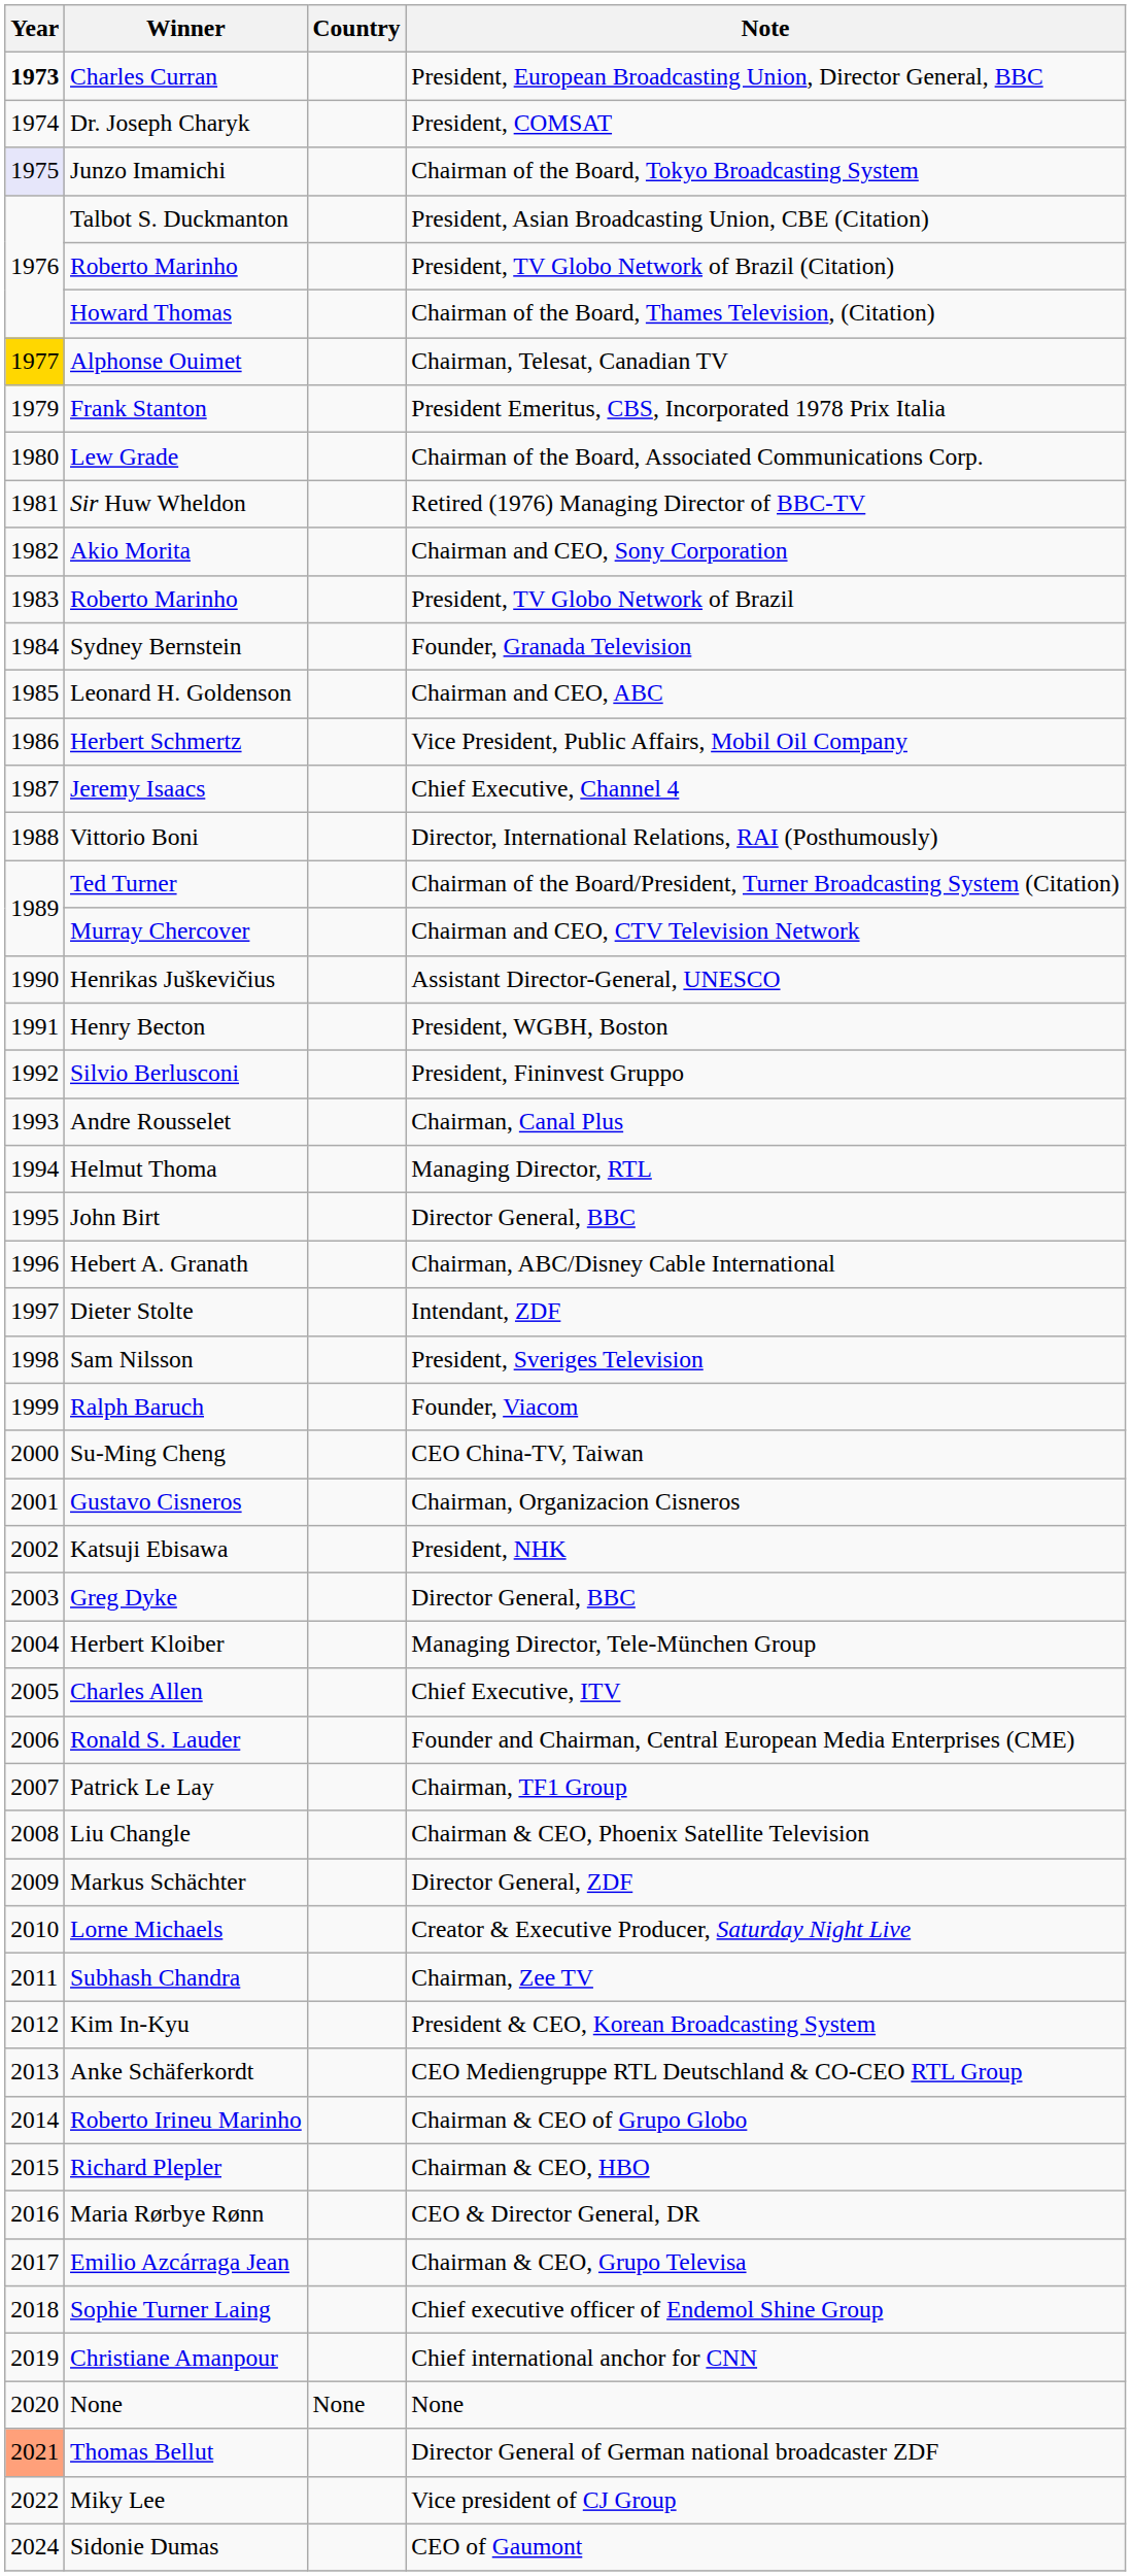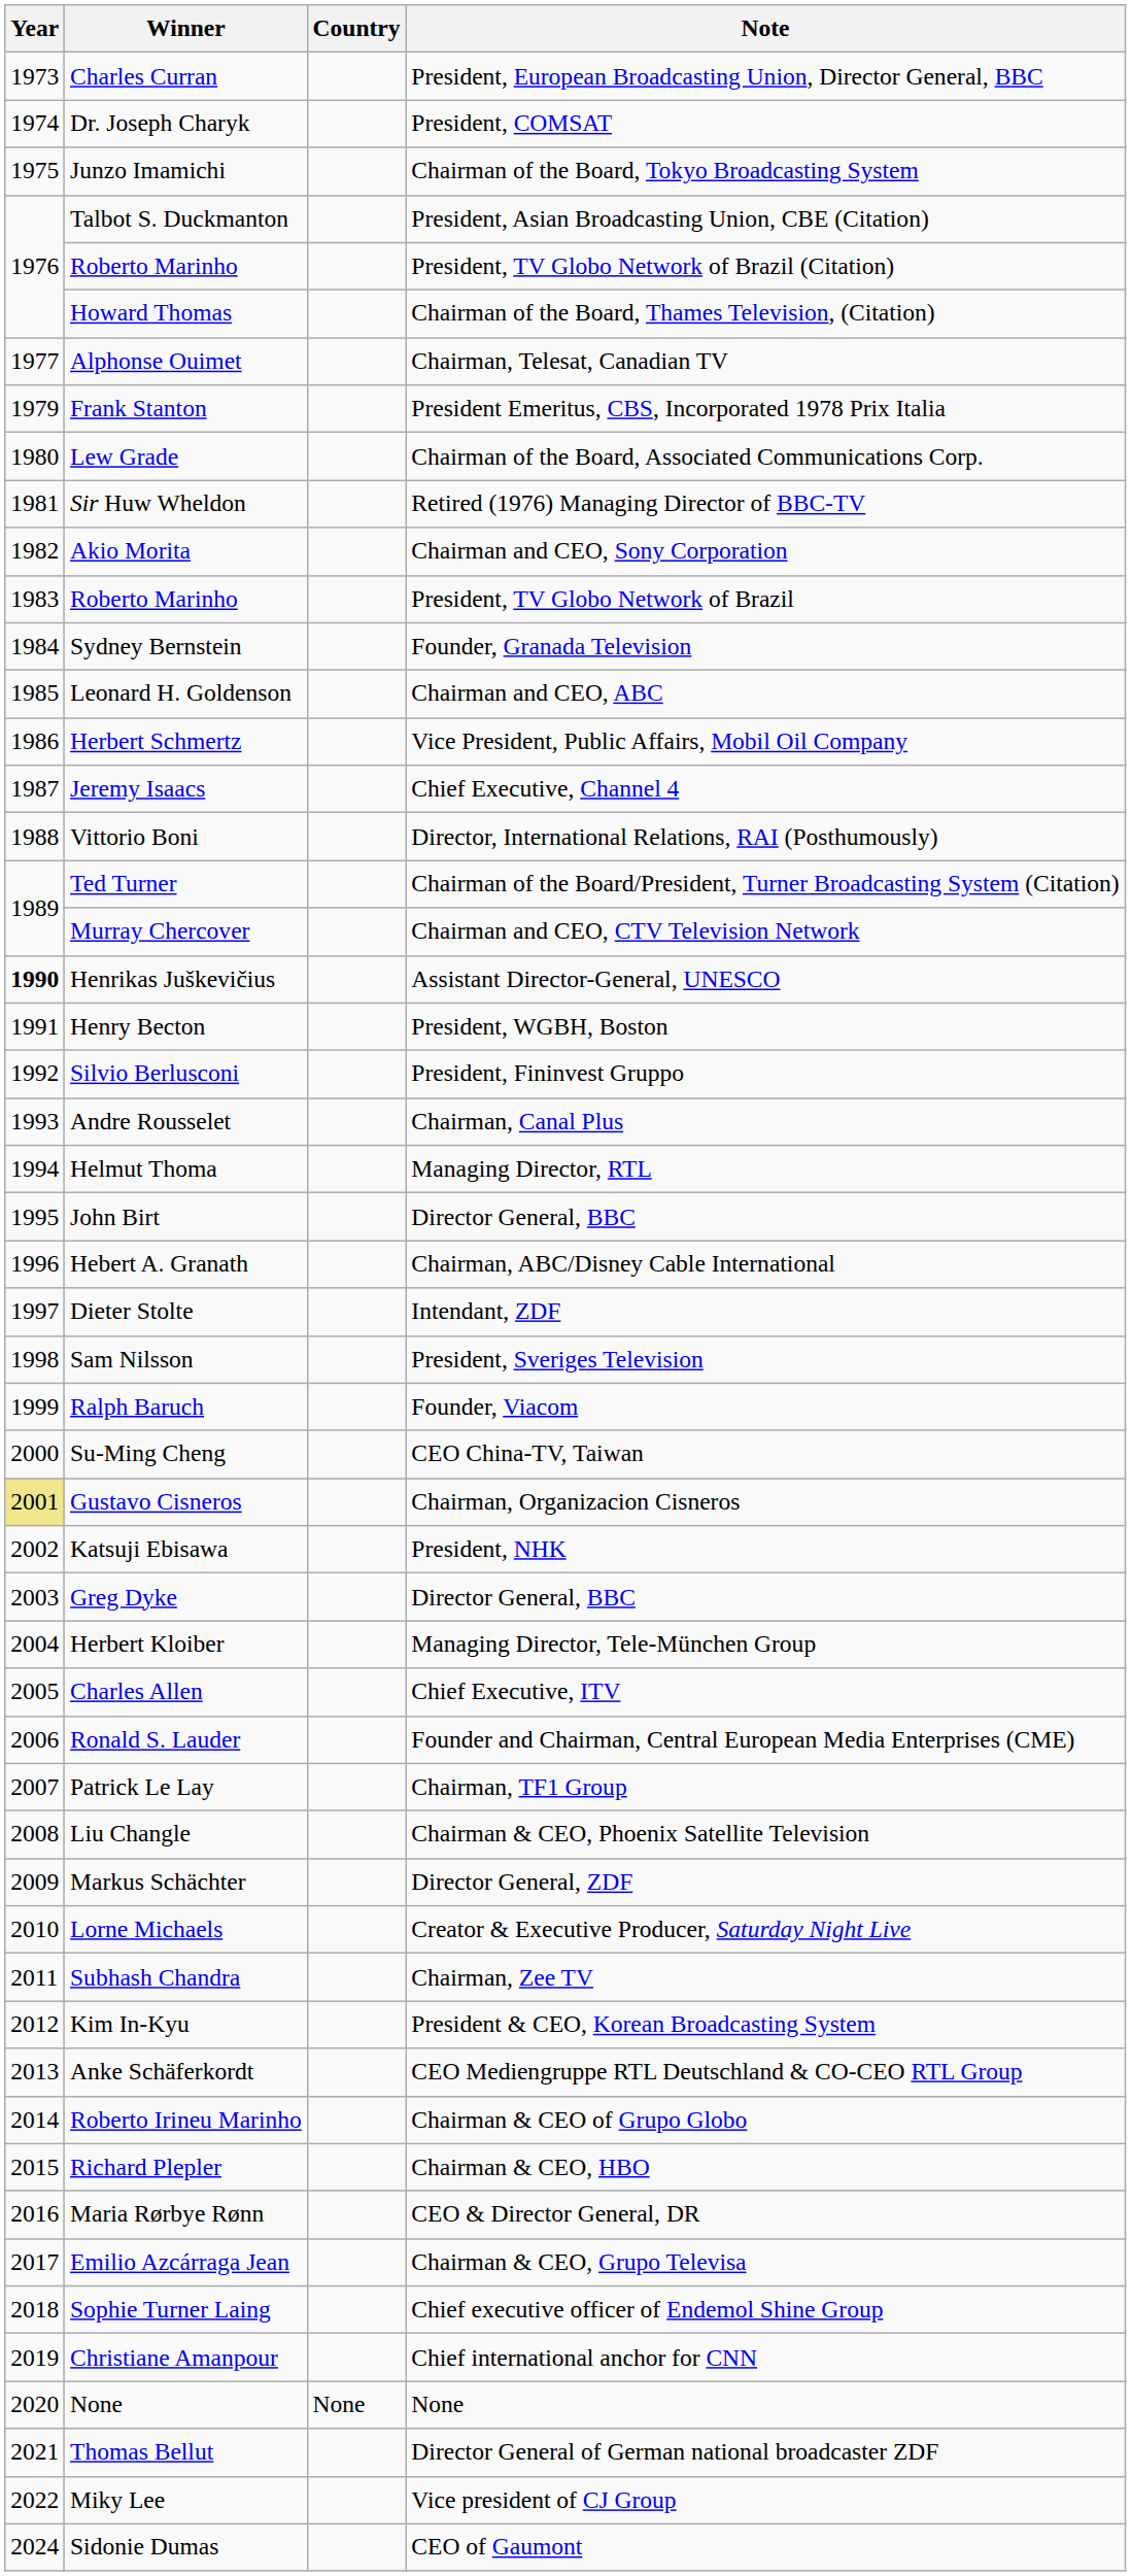 <table class="wikitable" style="font-size:1.00em; line-height:1.5em;">
 <tr>
 <th>Year</th>
 <th>Winner</th>
 <th>Country</th>
 <th>Note</th>
 </tr>
 <tr>
-<td><strong>1973</strong></td>
+<td>1973</td>
 <td><a href='#'>Charles Curran</a></td>
 <td></td>
 <td>President, <a href='#'>European Broadcasting Union</a>, Director General, <a href='#'>BBC</a></td>
 </tr>
 <tr>
 <td>1974</td>
 <td>Dr. Joseph Charyk</td>
 <td></td>
 <td>President, <a href='#'>COMSAT</a></td>
 </tr>
 <tr>
-<td style="background: lavender;">1975</td>
+<td>1975</td>
 <td>Junzo Imamichi</td>
 <td></td>
 <td>Chairman of the Board, <a href='#'>Tokyo Broadcasting System</a></td>
 </tr>
 <tr>
 <td rowspan="3">1976</td>
 <td>Talbot S. Duckmanton</td>
 <td></td>
 <td>President, Asian Broadcasting Union, CBE (Citation)</td>
 </tr>
 <tr>
 <td><a href='#'>Roberto Marinho</a></td>
 <td></td>
 <td>President, <a href='#'>TV Globo Network</a> of Brazil (Citation)</td>
 </tr>
 <tr>
 <td><a href='#'>Howard Thomas</a></td>
 <td></td>
 <td>Chairman of the Board, <a href='#'>Thames Television</a>, (Citation)</td>
 </tr>
 <tr>
-<td style="background: gold;">1977</td>
+<td>1977</td>
 <td><a href='#'>Alphonse Ouimet</a></td>
 <td></td>
 <td>Chairman, Telesat, Canadian TV</td>
 </tr>
 <tr>
 <td>1979</td>
 <td><a href='#'>Frank Stanton</a></td>
 <td></td>
 <td>President Emeritus, <a href='#'>CBS</a>, Incorporated 1978 Prix Italia</td>
 </tr>
 <tr>
 <td>1980</td>
 <td><a href='#'>Lew Grade</a></td>
 <td></td>
 <td>Chairman of the Board, Associated Communications Corp.</td>
 </tr>
 <tr>
 <td>1981</td>
 <td><em>Sir</em> Huw Wheldon</td>
 <td></td>
 <td>Retired (1976) Managing Director of <a href='#'>BBC-TV</a></td>
 </tr>
 <tr>
 <td>1982</td>
 <td><a href='#'>Akio Morita</a></td>
 <td></td>
 <td>Chairman and CEO, <a href='#'>Sony Corporation</a></td>
 </tr>
 <tr>
 <td>1983</td>
 <td><a href='#'>Roberto Marinho</a></td>
 <td></td>
 <td>President, <a href='#'>TV Globo Network</a> of Brazil</td>
 </tr>
 <tr>
 <td>1984</td>
 <td>Sydney Bernstein</td>
 <td></td>
 <td>Founder, <a href='#'>Granada Television</a></td>
 </tr>
 <tr>
 <td>1985</td>
 <td>Leonard H. Goldenson</td>
 <td></td>
 <td>Chairman and CEO, <a href='#'>ABC</a></td>
 </tr>
 <tr>
 <td>1986</td>
 <td><a href='#'>Herbert Schmertz</a></td>
 <td></td>
 <td>Vice President, Public Affairs, <a href='#'>Mobil Oil Company</a></td>
 </tr>
 <tr>
 <td>1987</td>
 <td><a href='#'>Jeremy Isaacs</a></td>
 <td></td>
 <td>Chief Executive, <a href='#'>Channel 4</a></td>
 </tr>
 <tr>
 <td>1988</td>
 <td>Vittorio Boni</td>
 <td></td>
 <td>Director, International Relations, <a href='#'>RAI</a> (Posthumously)</td>
 </tr>
 <tr>
 <td rowspan="2">1989</td>
 <td><a href='#'>Ted Turner</a></td>
 <td></td>
 <td>Chairman of the Board/President, <a href='#'>Turner Broadcasting System</a> (Citation)</td>
 </tr>
 <tr>
 <td><a href='#'>Murray Chercover</a></td>
 <td></td>
 <td>Chairman and CEO, <a href='#'>CTV Television Network</a></td>
 </tr>
 <tr>
-<td>1990</td>
+<td><strong>1990</strong></td>
 <td>Henrikas Juškevičius</td>
 <td></td>
 <td>Assistant Director-General, <a href='#'>UNESCO</a></td>
 </tr>
 <tr>
 <td>1991</td>
 <td>Henry Becton</td>
 <td></td>
 <td>President, WGBH, Boston</td>
 </tr>
 <tr>
 <td>1992</td>
 <td><a href='#'>Silvio Berlusconi</a></td>
 <td></td>
 <td>President, Fininvest Gruppo</td>
 </tr>
 <tr>
 <td>1993</td>
 <td>Andre Rousselet</td>
 <td></td>
 <td>Chairman, <a href='#'>Canal Plus</a></td>
 </tr>
 <tr>
 <td>1994</td>
 <td>Helmut Thoma</td>
 <td></td>
 <td>Managing Director, <a href='#'>RTL</a></td>
 </tr>
 <tr>
 <td>1995</td>
 <td>John Birt</td>
 <td></td>
 <td>Director General, <a href='#'>BBC</a></td>
 </tr>
 <tr>
 <td>1996</td>
 <td>Hebert A. Granath</td>
 <td></td>
 <td>Chairman, ABC/Disney Cable International</td>
 </tr>
 <tr>
 <td>1997</td>
 <td>Dieter Stolte</td>
 <td></td>
 <td>Intendant, <a href='#'>ZDF</a></td>
 </tr>
 <tr>
 <td>1998</td>
 <td>Sam Nilsson</td>
 <td></td>
 <td>President, <a href='#'>Sveriges Television</a></td>
 </tr>
 <tr>
 <td>1999</td>
 <td><a href='#'>Ralph Baruch</a></td>
 <td></td>
 <td>Founder, <a href='#'>Viacom</a></td>
 </tr>
 <tr>
 <td>2000</td>
 <td>Su-Ming Cheng</td>
 <td></td>
 <td>CEO China-TV, Taiwan</td>
 </tr>
 <tr>
-<td>2001</td>
+<td style="background: khaki;">2001</td>
 <td><a href='#'>Gustavo Cisneros</a></td>
 <td></td>
 <td>Chairman, Organizacion Cisneros</td>
 </tr>
 <tr>
 <td>2002</td>
 <td>Katsuji Ebisawa</td>
 <td></td>
 <td>President, <a href='#'>NHK</a></td>
 </tr>
 <tr>
 <td>2003</td>
 <td><a href='#'>Greg Dyke</a></td>
 <td></td>
 <td>Director General, <a href='#'>BBC</a></td>
 </tr>
 <tr>
 <td>2004</td>
 <td>Herbert Kloiber</td>
 <td></td>
 <td>Managing Director, Tele-München Group</td>
 </tr>
 <tr>
 <td>2005</td>
 <td><a href='#'>Charles Allen</a></td>
 <td></td>
 <td>Chief Executive, <a href='#'>ITV</a></td>
 </tr>
 <tr>
 <td>2006</td>
 <td><a href='#'>Ronald S. Lauder</a></td>
 <td></td>
 <td>Founder and Chairman, Central European Media Enterprises (CME)</td>
 </tr>
 <tr>
 <td>2007</td>
 <td>Patrick Le Lay</td>
 <td></td>
 <td>Chairman, <a href='#'>TF1 Group</a></td>
 </tr>
 <tr>
 <td>2008</td>
 <td>Liu Changle</td>
 <td></td>
 <td>Chairman & CEO, Phoenix Satellite Television</td>
 </tr>
 <tr>
 <td>2009</td>
 <td>Markus Schächter</td>
 <td></td>
 <td>Director General, <a href='#'>ZDF</a></td>
 </tr>
 <tr>
 <td>2010</td>
 <td><a href='#'>Lorne Michaels</a></td>
 <td></td>
 <td>Creator & Executive Producer, <em><a href='#'>Saturday Night Live</a></em></td>
 </tr>
 <tr>
 <td>2011</td>
 <td><a href='#'>Subhash Chandra</a></td>
 <td></td>
 <td>Chairman, <a href='#'>Zee TV</a></td>
 </tr>
 <tr>
 <td>2012</td>
 <td>Kim In-Kyu</td>
 <td></td>
 <td>President & CEO, <a href='#'>Korean Broadcasting System</a></td>
 </tr>
 <tr>
 <td>2013</td>
 <td>Anke Schäferkordt</td>
 <td></td>
 <td>CEO Mediengruppe RTL Deutschland & CO-CEO <a href='#'>RTL Group</a></td>
 </tr>
 <tr>
 <td>2014</td>
 <td><a href='#'>Roberto Irineu Marinho</a></td>
 <td></td>
 <td>Chairman & CEO of <a href='#'>Grupo Globo</a></td>
 </tr>
 <tr>
 <td>2015</td>
 <td><a href='#'>Richard Plepler</a></td>
 <td></td>
 <td>Chairman & CEO, <a href='#'>HBO</a></td>
 </tr>
 <tr>
 <td>2016</td>
 <td>Maria Rørbye Rønn</td>
 <td></td>
 <td>CEO & Director General, DR</td>
 </tr>
 <tr>
 <td>2017</td>
 <td><a href='#'>Emilio Azcárraga Jean</a></td>
 <td></td>
 <td>Chairman & CEO, <a href='#'>Grupo Televisa</a></td>
 </tr>
 <tr>
 <td>2018</td>
 <td><a href='#'>Sophie Turner Laing</a></td>
 <td></td>
 <td>Chief executive officer of <a href='#'>Endemol Shine Group</a></td>
 </tr>
 <tr>
 <td>2019</td>
 <td><a href='#'>Christiane Amanpour</a></td>
 <td></td>
 <td>Chief international anchor for <a href='#'>CNN</a></td>
 </tr>
 <tr>
 <td>2020</td>
 <td>None</td>
 <td>None</td>
 <td>None</td>
 </tr>
 <tr>
-<td style="background: lightsalmon;">2021</td>
+<td>2021</td>
 <td><a href='#'>Thomas Bellut</a></td>
 <td></td>
 <td>Director General of German national broadcaster ZDF</td>
 </tr>
 <tr>
 <td>2022</td>
 <td>Miky Lee</td>
 <td></td>
 <td>Vice president of <a href='#'>CJ Group</a></td>
 </tr>
 <tr>
 <td>2024</td>
 <td>Sidonie Dumas</td>
 <td></td>
 <td>CEO of <a href='#'>Gaumont</a></td>
 </tr>
 </table>
